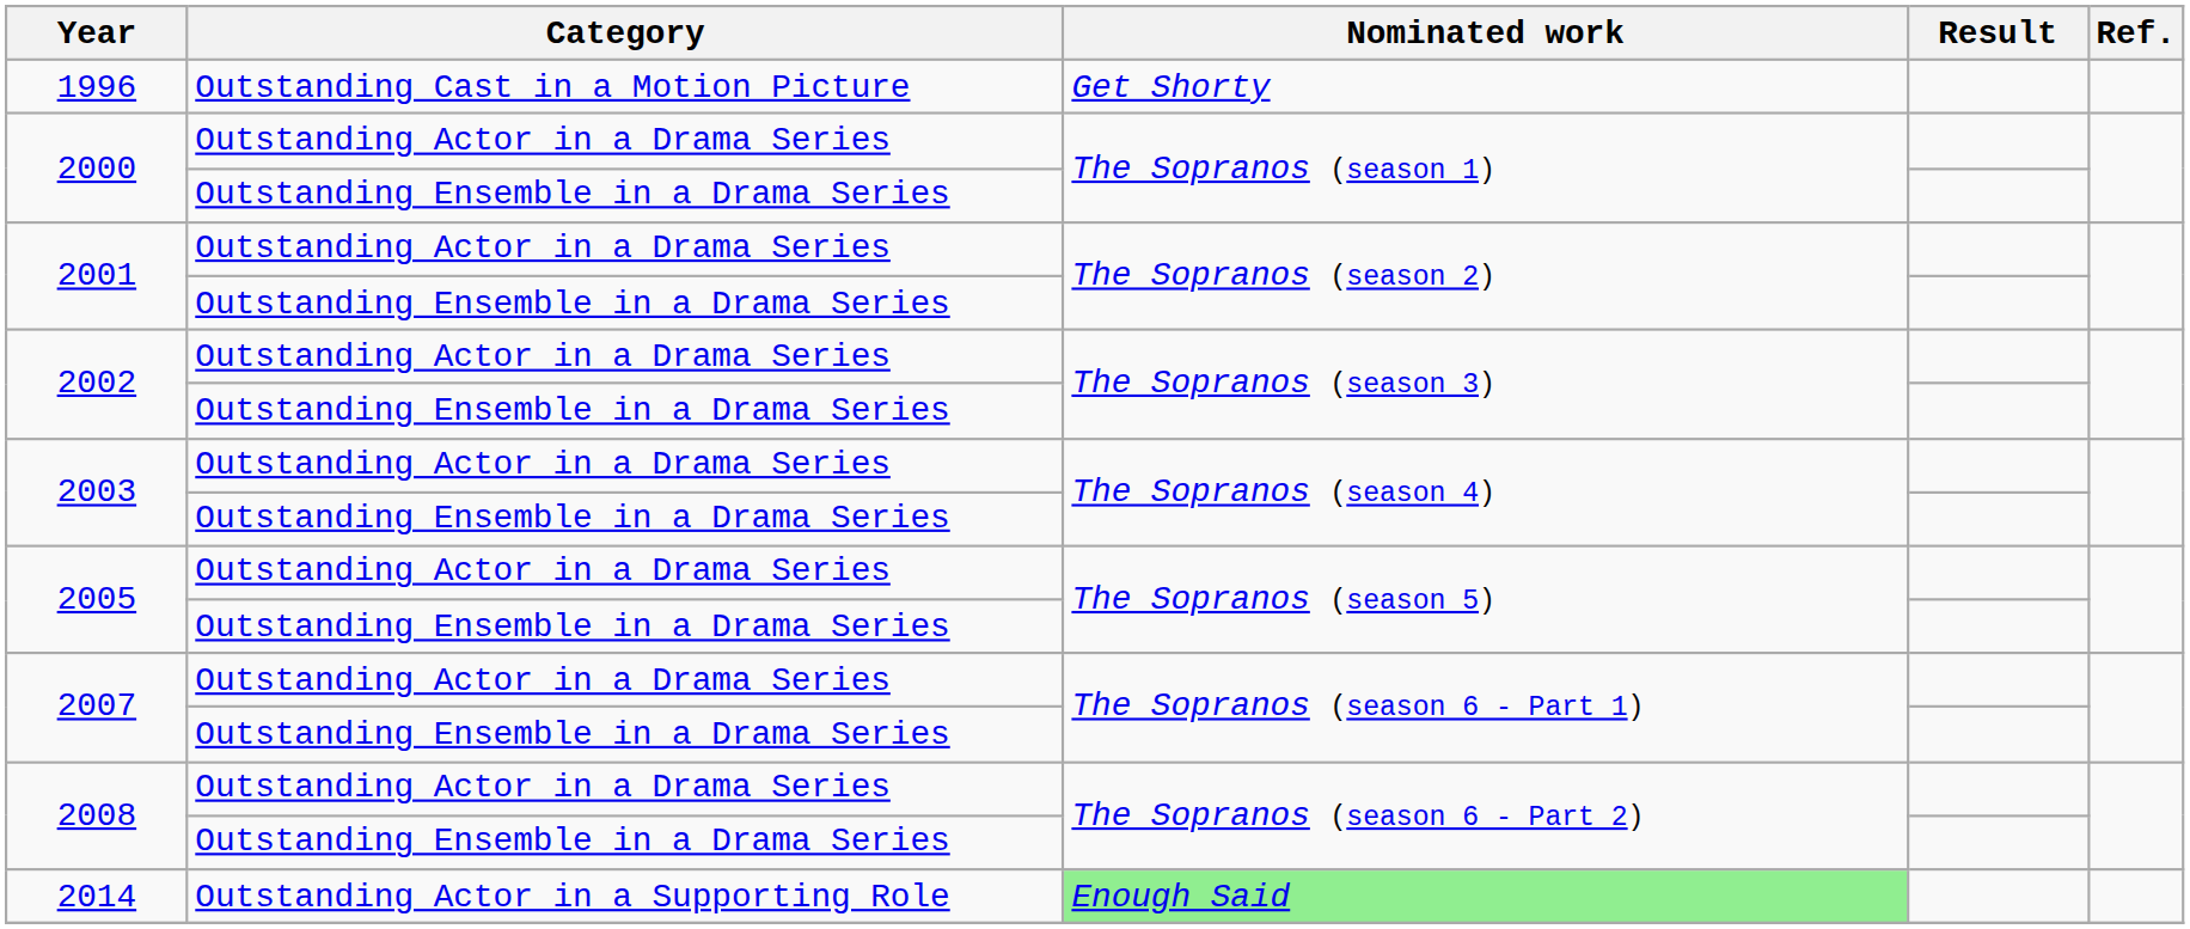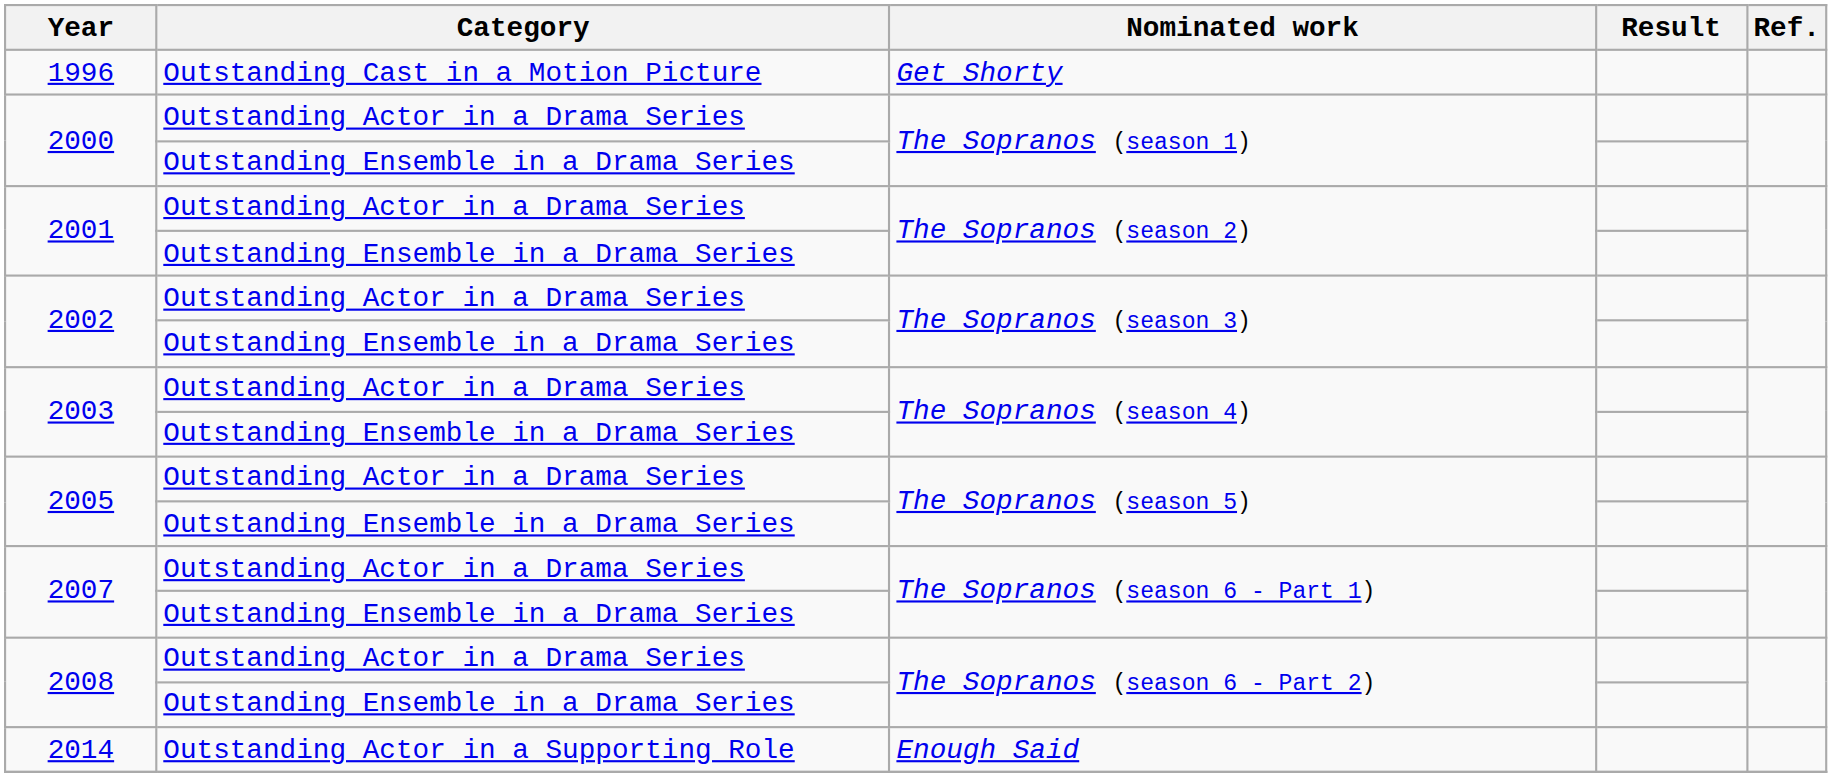 <table class=wikitable>
 <tr>
 <th scope="col" style="width:5em;">Year</th>
 <th scope="col" style="width:26em;">Category</th>
 <th scope="col" style="width:25em;">Nominated work</th>
 <th scope="col" style="width:5em;">Result</th>
 <th>Ref.</th>
 </tr>
 <tr>
 <td style="text-align:center;"><a href='#'>1996</a></td>
 <td><a href='#'>Outstanding Cast in a Motion Picture</a></td>
 <td><em><a href='#'>Get Shorty</a></em></td>
 <td></td>
 <td style="text-align:center;"></td>
 </tr>
 <tr>
 <td style="text-align:center;", rowspan="2"><a href='#'>2000</a></td>
 <td><a href='#'>Outstanding Actor in a Drama Series</a></td>
 <td rowspan=2><em><a href='#'>The Sopranos</a></em> <small> (<a href='#'>season 1</a>) </small></td>
 <td></td>
 <td style="text-align:center;" rowspan="2"></td>
 </tr>
 <tr>
 <td><a href='#'>Outstanding Ensemble in a Drama Series</a></td>
 <td></td>
 </tr>
 <tr>
 <td style="text-align:center;", rowspan="2"><a href='#'>2001</a></td>
 <td><a href='#'>Outstanding Actor in a Drama Series</a></td>
 <td rowspan=2><em><a href='#'>The Sopranos</a></em> <small> (<a href='#'>season 2</a>) </small></td>
 <td></td>
 <td style="text-align:center;" rowspan="2"></td>
 </tr>
 <tr>
 <td><a href='#'>Outstanding Ensemble in a Drama Series</a></td>
 <td></td>
 </tr>
 <tr>
 <td style="text-align:center;", rowspan="2"><a href='#'>2002</a></td>
 <td><a href='#'>Outstanding Actor in a Drama Series</a></td>
 <td rowspan=2><em><a href='#'>The Sopranos</a></em> <small> (<a href='#'>season 3</a>) </small></td>
 <td></td>
 <td style="text-align:center;" rowspan="2"></td>
 </tr>
 <tr>
 <td><a href='#'>Outstanding Ensemble in a Drama Series</a></td>
 <td></td>
 </tr>
 <tr>
 <td style="text-align:center;", rowspan="2"><a href='#'>2003</a></td>
 <td><a href='#'>Outstanding Actor in a Drama Series</a></td>
 <td rowspan=2><em><a href='#'>The Sopranos</a></em> <small> (<a href='#'>season 4</a>) </small></td>
 <td></td>
 <td style="text-align:center;" rowspan="2"></td>
 </tr>
 <tr>
 <td><a href='#'>Outstanding Ensemble in a Drama Series</a></td>
 <td></td>
 </tr>
 <tr>
 <td style="text-align:center;", rowspan="2"><a href='#'>2005</a></td>
 <td><a href='#'>Outstanding Actor in a Drama Series</a></td>
 <td rowspan=2><em><a href='#'>The Sopranos</a></em> <small> (<a href='#'>season 5</a>) </small></td>
 <td></td>
 <td style="text-align:center;" rowspan="2"></td>
 </tr>
 <tr>
 <td><a href='#'>Outstanding Ensemble in a Drama Series</a></td>
 <td></td>
 </tr>
 <tr>
 <td style="text-align:center;", rowspan="2"><a href='#'>2007</a></td>
 <td><a href='#'>Outstanding Actor in a Drama Series</a></td>
 <td rowspan=2><em><a href='#'>The Sopranos</a></em> <small> (<a href='#'>season 6 - Part 1</a>) </small></td>
 <td></td>
 <td style="text-align:center;" rowspan="2"></td>
 </tr>
 <tr>
 <td><a href='#'>Outstanding Ensemble in a Drama Series</a></td>
 <td></td>
 </tr>
 <tr>
 <td style="text-align:center;", rowspan="2"><a href='#'>2008</a></td>
 <td><a href='#'>Outstanding Actor in a Drama Series</a></td>
 <td rowspan=2><em><a href='#'>The Sopranos</a></em> <small> (<a href='#'>season 6 - Part 2</a>) </small></td>
 <td></td>
 <td style="text-align:center;" rowspan="2"></td>
 </tr>
 <tr>
 <td><a href='#'>Outstanding Ensemble in a Drama Series</a></td>
 <td></td>
 </tr>
 <tr>
 <td style="text-align:center;"><a href='#'>2014</a></td>
 <td><a href='#'>Outstanding Actor in a Supporting Role</a></td>
-<td style="background: lightgreen;"><em><a href='#'>Enough Said</a></em></td>
+<td><em><a href='#'>Enough Said</a></em></td>
 <td></td>
 <td style="text-align:center;"></td>
 </tr>
 <tr>
 </tr>
 </table>
